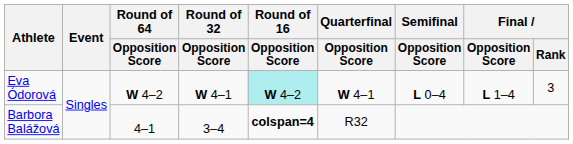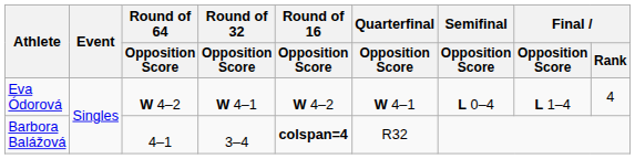 <table class=wikitable style="font-size:90%">
 <tr>
 <th rowspan=2>Athlete</th>
 <th rowspan=2>Event</th>
 <th>Round of 64</th>
 <th>Round of 32</th>
 <th>Round of 16</th>
 <th>Quarterfinal</th>
 <th>Semifinal</th>
 <th colspan=2>Final / </th>
 </tr>
 <tr style="font-size:95%">
 <th>Opposition<br>Score</th>
 <th>Opposition<br>Score</th>
 <th>Opposition<br>Score</th>
 <th>Opposition<br>Score</th>
 <th>Opposition<br>Score</th>
 <th>Opposition<br>Score</th>
 <th>Rank</th>
 </tr>
 <tr align=center>
 <td align=left><a href='#'>Eva Ódorová</a></td>
 <td align=left rowspan=2><a href='#'>Singles</a></td>
 <td><br> <strong>W</strong> 4–2</td>
 <td><br> <strong>W</strong> 4–1</td>
-<td style="background: paleturquoise;"><br> <strong>W</strong> 4–2</td>
+<td><br> <strong>W</strong> 4–2</td>
 <td><br> <strong>W</strong> 4–1</td>
 <td><br> <strong>L</strong> 0–4</td>
 <td><br> <strong>L</strong> 1–4</td>
-<td>3</td>
+<td>4</td>
 </tr>
 <tr align=center>
 <td align=left><a href='#'>Barbora Balážová</a></td>
 <td><br> 4–1</td>
 <td><br> 3–4</td>
 <td><strong>colspan=4 </strong></td>
 <td>R32</td>
 </tr>
 </table>
